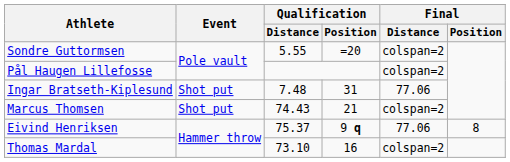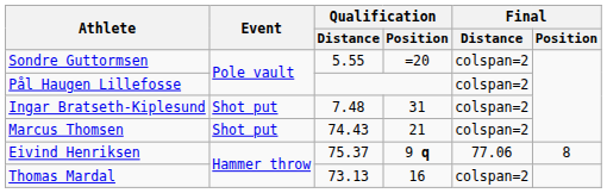 <table class=wikitable style=font-size:90%>
 <tr>
 <th rowspan=2>Athlete</th>
 <th rowspan=2>Event</th>
 <th colspan=2>Qualification</th>
 <th colspan=2>Final</th>
 </tr>
 <tr style=font-size:95%>
 <th>Distance</th>
 <th>Position</th>
 <th>Distance</th>
 <th>Position</th>
 </tr>
 <tr align=center>
 <td align=left><a href='#'>Sondre Guttormsen</a></td>
 <td align=left rowspan=2><a href='#'>Pole vault</a></td>
 <td>5.55</td>
 <td>=20</td>
 <td>colspan=2 </td>
 </tr>
 <tr align=center>
 <td align=left><a href='#'>Pål Haugen Lillefosse</a></td>
 <td colspan=2></td>
 <td>colspan=2 </td>
 </tr>
 <tr align=center>
 <td align=left><a href='#'>Ingar Bratseth-Kiplesund</a></td>
 <td align=left><a href='#'>Shot put</a></td>
 <td>7.48</td>
 <td>31</td>
-<td>77.06 </td>
+<td>colspan=2 </td>
 </tr>
 <tr align=center>
 <td align=left><a href='#'>Marcus Thomsen</a></td>
 <td align=left><a href='#'>Shot put</a></td>
 <td>74.43</td>
 <td>21</td>
 <td>colspan=2 </td>
 </tr>
 <tr align=center>
 <td align=left><a href='#'>Eivind Henriksen</a></td>
 <td align=left rowspan=2><a href='#'>Hammer throw</a></td>
 <td>75.37</td>
 <td>9 <strong>q</strong></td>
 <td>77.06 </td>
 <td>8</td>
 </tr>
 <tr align=center>
 <td align=left><a href='#'>Thomas Mardal</a></td>
-<td>73.10</td>
+<td>73.13</td>
 <td>16</td>
 <td>colspan=2 </td>
 </tr>
 </table>
